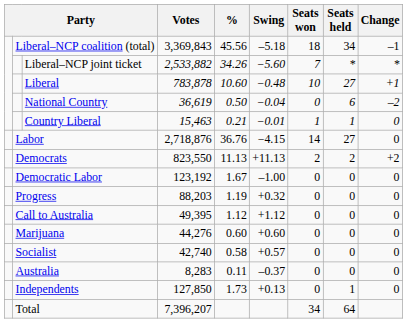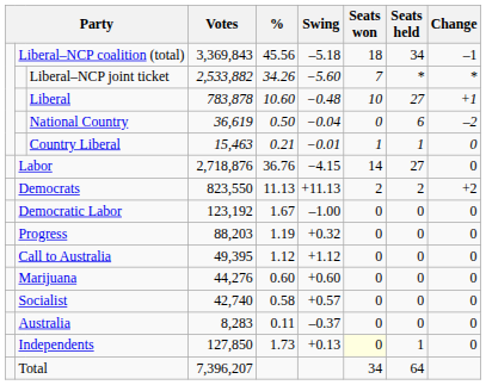 <table class="wikitable">
 <tr>
 <th colspan=3 style="width:180px">Party</th>
 <th style="width:70px">Votes</th>
 <th style="width:40px">%</th>
 <th style="width:40px">Swing</th>
 <th style="width:40px">Seats won</th>
 <th style="width:40px">Seats held</th>
 <th style="width:40px">Change</th>
 </tr>
 <tr>
 <td rowspan=5> </td>
 <td colspan=2><a href='#'>Liberal–NCP coalition</a> (total)</td>
 <td align=right>3,369,843</td>
 <td align=right>45.56</td>
 <td align=right>–5.18</td>
 <td align=right>18</td>
 <td align=right>34</td>
 <td align=right>–1</td>
 </tr>
 <tr>
 <td> </td>
 <td>Liberal–NCP joint ticket</td>
 <td align=right><em>2,533,882</em></td>
 <td align=right><em>34.26</em></td>
 <td align=right><em>−5.60</em></td>
 <td align=right><em>7</em></td>
 <td align=right><em>*</em></td>
 <td align=right><em>*</em></td>
 </tr>
 <tr>
 <td> </td>
 <td><a href='#'>Liberal</a></td>
 <td align=right><em>783,878</em></td>
 <td align=right><em>10.60</em></td>
 <td align=right><em>−0.48</em></td>
 <td align=right><em>10</em></td>
 <td align=right><em>27</em></td>
 <td align=right><em>+1</em></td>
 </tr>
 <tr>
 <td> </td>
 <td><a href='#'>National Country</a></td>
 <td align=right><em>36,619</em></td>
 <td align=right><em>0.50</em></td>
 <td align=right><em>−0.04</em></td>
 <td align=right><em>0</em></td>
 <td align=right><em>6</em></td>
 <td align=right><em>–2</em></td>
 </tr>
 <tr>
 <td> </td>
 <td><a href='#'>Country Liberal</a></td>
 <td align=right><em>15,463</em></td>
 <td align=right><em>0.21</em></td>
 <td align=right><em>−0.01</em></td>
 <td align=right><em>1</em></td>
 <td align=right><em>1</em></td>
 <td align=right><em>0</em></td>
 </tr>
 <tr>
 <td> </td>
 <td colspan=2><a href='#'>Labor</a></td>
 <td align=right>2,718,876</td>
 <td align=right>36.76</td>
 <td align=right>−4.15</td>
 <td align=right>14</td>
 <td align=right>27</td>
 <td align=right>0</td>
 </tr>
 <tr>
 <td> </td>
 <td colspan=2><a href='#'>Democrats</a></td>
 <td align=right>823,550</td>
 <td align=right>11.13</td>
 <td align=right>+11.13</td>
 <td align=right>2</td>
 <td align=right>2</td>
 <td align=right>+2</td>
 </tr>
 <tr>
 <td> </td>
 <td colspan=2><a href='#'>Democratic Labor</a></td>
 <td align=right>123,192</td>
 <td align=right>1.67</td>
 <td align=right>–1.00</td>
 <td align=right>0</td>
 <td align=right>0</td>
 <td align=right>0</td>
 </tr>
 <tr>
 <td> </td>
 <td colspan=2><a href='#'>Progress</a></td>
 <td align=right>88,203</td>
 <td align=right>1.19</td>
 <td align=right>+0.32</td>
 <td align=right>0</td>
 <td align=right>0</td>
 <td align=right>0</td>
 </tr>
 <tr>
 <td> </td>
 <td colspan=2><a href='#'>Call to Australia</a></td>
 <td align=right>49,395</td>
 <td align=right>1.12</td>
 <td align=right>+1.12</td>
 <td align=right>0</td>
 <td align=right>0</td>
 <td align=right>0</td>
 </tr>
 <tr>
 <td> </td>
 <td colspan=2><a href='#'>Marijuana</a></td>
 <td align=right>44,276</td>
 <td align=right>0.60</td>
 <td align=right>+0.60</td>
 <td align=right>0</td>
 <td align=right>0</td>
 <td align=right>0</td>
 </tr>
 <tr>
 <td> </td>
 <td colspan=2><a href='#'>Socialist</a></td>
 <td align=right>42,740</td>
 <td align=right>0.58</td>
 <td align=right>+0.57</td>
 <td align=right>0</td>
 <td align=right>0</td>
 <td align=right>0</td>
 </tr>
 <tr>
 <td> </td>
 <td colspan=2><a href='#'>Australia</a></td>
 <td align=right>8,283</td>
 <td align=right>0.11</td>
 <td align=right>–0.37</td>
 <td align=right>0</td>
 <td align=right>0</td>
 <td align=right>0</td>
 </tr>
 <tr>
 <td> </td>
 <td colspan=2><a href='#'>Independents</a></td>
 <td align=right>127,850</td>
 <td align=right>1.73</td>
 <td align=right>+0.13</td>
-<td align=right>0</td>
+<td align=right style="background: lightyellow;">0</td>
 <td align=right>1</td>
 <td align=right>0</td>
 </tr>
 <tr>
 <td> </td>
 <td colspan=2>Total</td>
 <td align=right>7,396,207</td>
 <td align=right> </td>
 <td align=right> </td>
 <td align=right>34</td>
 <td align=right>64</td>
 <td align=right></td>
 </tr>
 </table>
